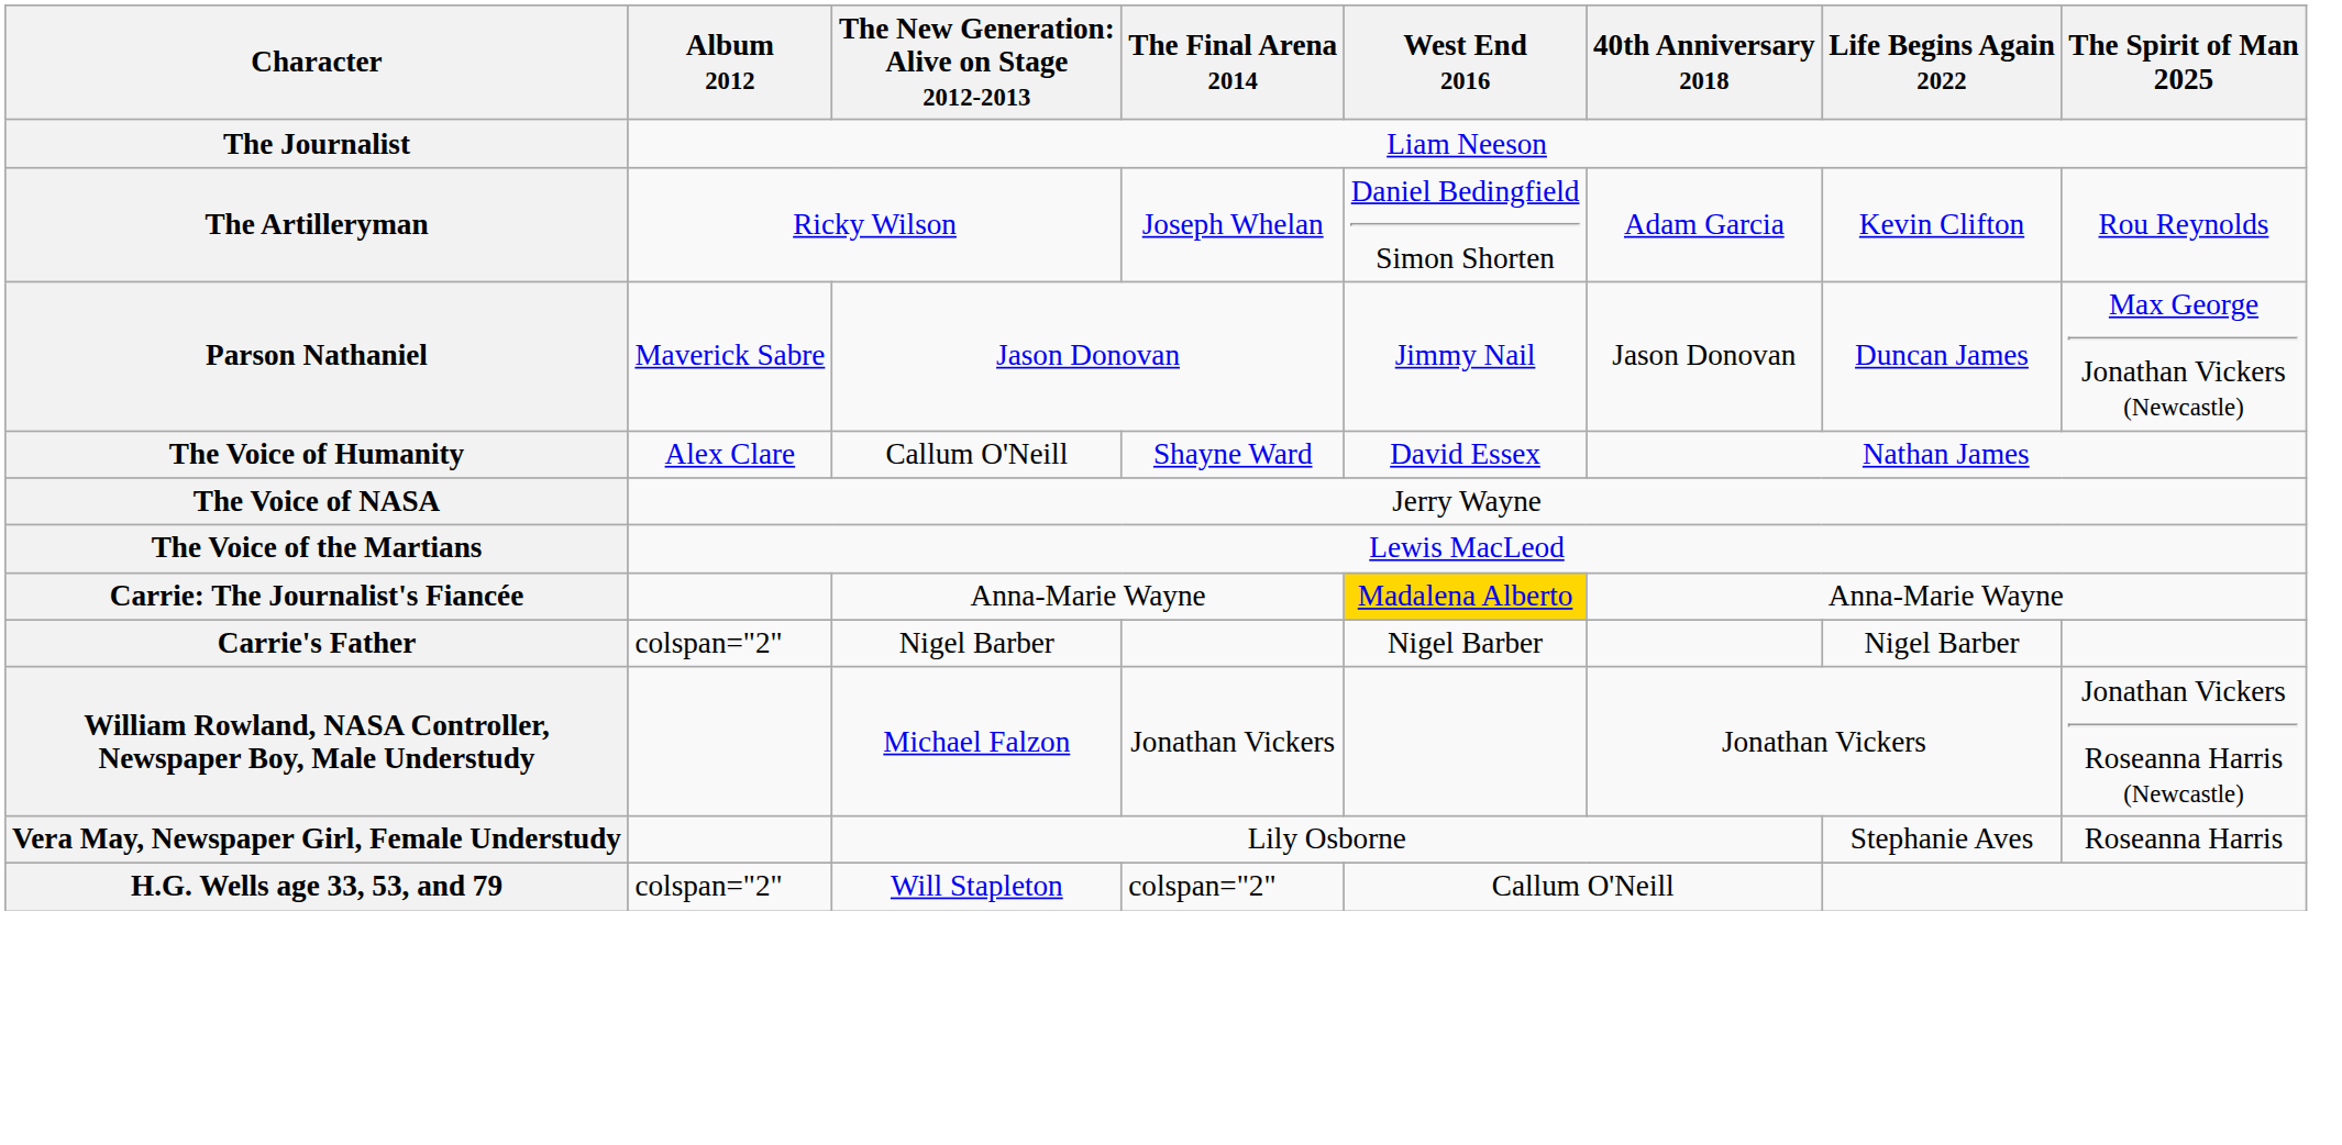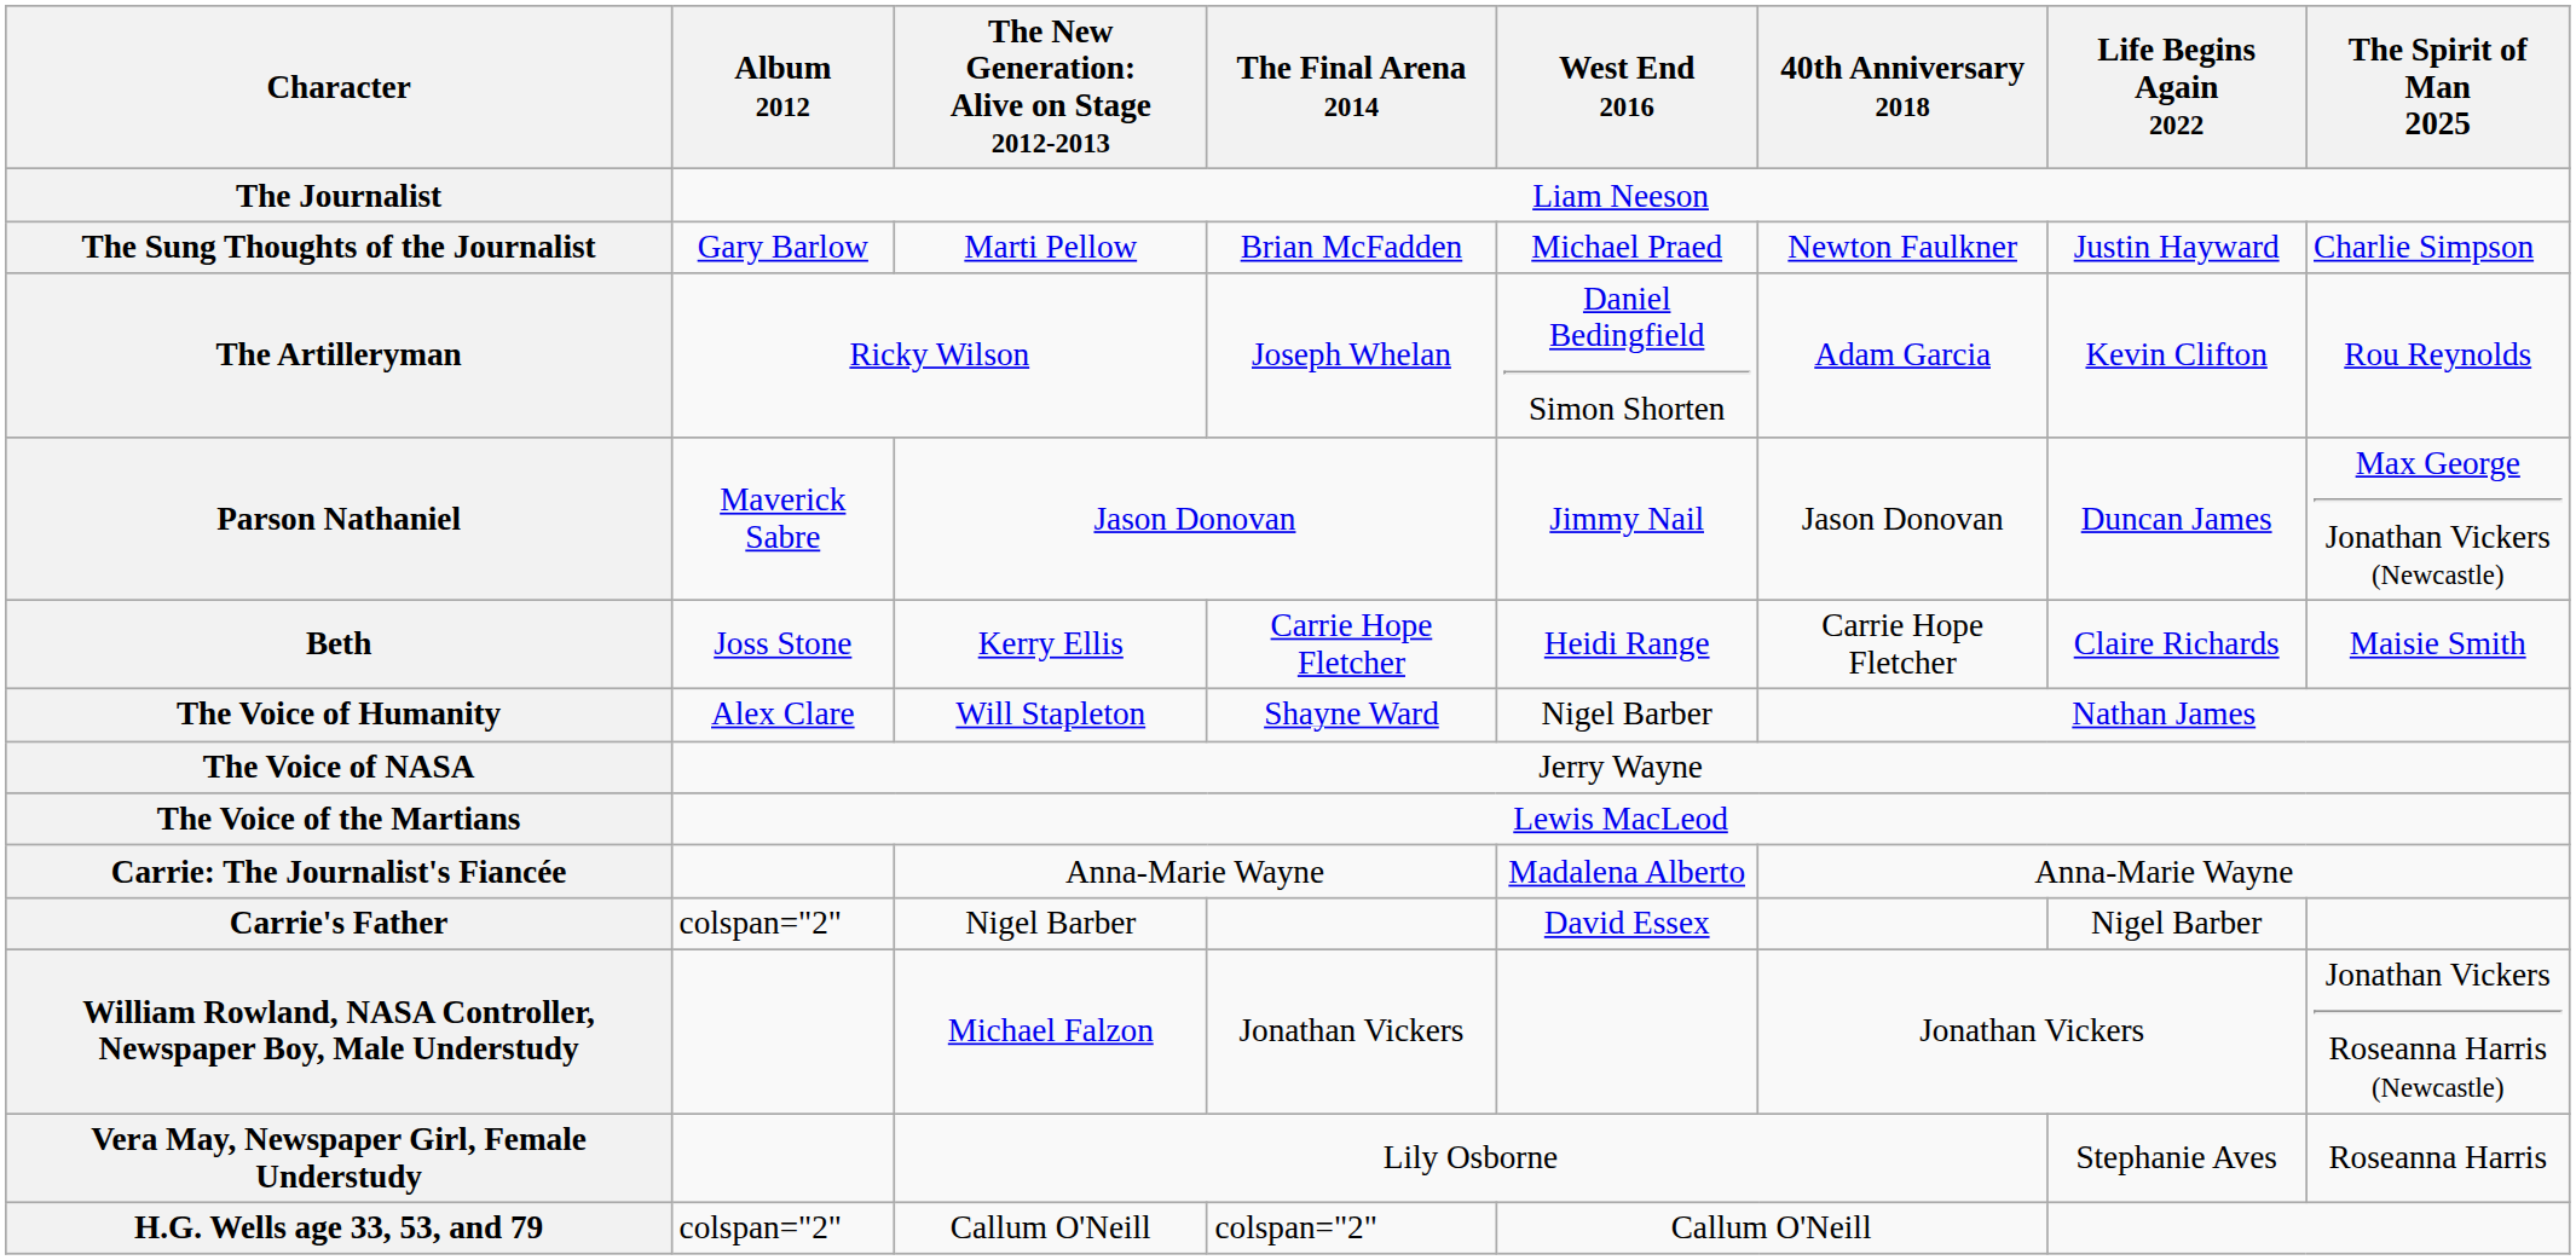 <table class="wikitable" style="width=10%">
 <tr>
 <th>Character</th>
 <th>Album<br><small>2012</small></th>
 <th>The New Generation:<br>Alive on Stage<br><small>2012-2013</small></th>
 <th>The Final Arena<br><small>2014</small></th>
 <th>West End<br><small>2016</small></th>
 <th>40th Anniversary<br><small>2018</small></th>
 <th>Life Begins Again<br><small>2022</small></th>
 <th>The Spirit of Man<br>2025</th>
 </tr>
 <tr>
 <th>The Journalist</th>
 <td colspan="7" style="text-align:center;"><a href='#'>Liam Neeson</a></td>
+</tr>
+<tr>
+<th>The Sung Thoughts of the Journalist</th>
+<td style="text-align:center;"><a href='#'>Gary Barlow</a></td>
+<td style="text-align:center;"><a href='#'>Marti Pellow</a></td>
+<td style="text-align:center;"><a href='#'>Brian McFadden</a></td>
+<td style="text-align:center;"><a href='#'>Michael Praed</a></td>
+<td style="text-align:center;"><a href='#'>Newton Faulkner</a></td>
+<td style="text-align:center;"><a href='#'>Justin Hayward</a></td>
+<td><a href='#'>Charlie Simpson</a></td>
 </tr>
 <tr>
 <th>The Artilleryman</th>
 <td colspan="2" style="text-align:center;"><a href='#'>Ricky Wilson</a></td>
 <td style="text-align:center;"><a href='#'>Joseph Whelan</a></td>
 <td style="text-align:center;"><a href='#'>Daniel Bedingfield</a><hr>Simon Shorten</td>
 <td style="text-align:center;"><a href='#'>Adam Garcia</a></td>
 <td style="text-align:center;"><a href='#'>Kevin Clifton</a></td>
 <td style="text-align:center;"><a href='#'>Rou Reynolds</a></td>
 </tr>
 <tr>
 <th>Parson Nathaniel</th>
 <td style="text-align:center;"><a href='#'>Maverick Sabre</a></td>
 <td colspan="2" style="text-align:center;"><a href='#'>Jason Donovan</a></td>
 <td style="text-align:center;"><a href='#'>Jimmy Nail</a></td>
 <td style="text-align:center;">Jason Donovan</td>
 <td style="text-align:center;"><a href='#'>Duncan James</a></td>
 <td style="text-align:center;"><a href='#'>Max George</a><hr>Jonathan Vickers<br><small>(Newcastle)</small></td>
 </tr>
 <tr>
+<th>Beth</th>
+<td style="text-align:center;"><a href='#'>Joss Stone</a></td>
+<td style="text-align:center;"><a href='#'>Kerry Ellis</a></td>
+<td style="text-align:center;"><a href='#'>Carrie Hope Fletcher</a></td>
+<td style="text-align:center;"><a href='#'>Heidi Range</a></td>
+<td style="text-align:center;">Carrie Hope Fletcher</td>
+<td style="text-align:center;"><a href='#'>Claire Richards</a></td>
+<td style="text-align:center;"><a href='#'>Maisie Smith</a></td>
+</tr>
+<tr>
 <th>The Voice of Humanity</th>
 <td style="text-align:center;"><a href='#'>Alex Clare</a></td>
-<td style="text-align:center;">Callum O'Neill</td>
+<td style="text-align:center;"><a href='#'>Will Stapleton</a></td>
 <td style="text-align:center;"><a href='#'>Shayne Ward</a></td>
-<td style="text-align:center;"><a href='#'>David Essex</a></td>
+<td style="text-align:center;">Nigel Barber</td>
 <td colspan="3" style="text-align:center;"><a href='#'>Nathan James</a></td>
 </tr>
 <tr>
 <th>The Voice of NASA</th>
 <td colspan="7" style="text-align:center;">Jerry Wayne</td>
 </tr>
 <tr>
 <th>The Voice of the Martians</th>
 <td colspan="7" style="text-align:center;"><a href='#'>Lewis MacLeod</a></td>
 </tr>
 <tr>
 <th>Carrie: The Journalist's Fiancée</th>
 <td></td>
 <td colspan="2" style="text-align:center;">Anna-Marie Wayne</td>
-<td style="background: gold; text-align:center;"><a href='#'>Madalena Alberto</a></td>
+<td style="text-align:center;"><a href='#'>Madalena Alberto</a></td>
 <td colspan="3" style="text-align:center;">Anna-Marie Wayne</td>
 </tr>
 <tr>
 <th>Carrie's Father</th>
 <td>colspan="2" </td>
 <td style="text-align:center;">Nigel Barber</td>
 <td></td>
-<td style="text-align:center;">Nigel Barber</td>
+<td style="text-align:center;"><a href='#'>David Essex</a></td>
 <td></td>
 <td style="text-align:center;">Nigel Barber</td>
 </tr>
 <tr>
 <th>William Rowland, NASA Controller, <br>Newspaper Boy, Male Understudy</th>
 <td></td>
 <td style="text-align:center;"><a href='#'>Michael Falzon</a></td>
 <td style="text-align:center;">Jonathan Vickers</td>
 <td></td>
 <td colspan="2"style="text-align:center;">Jonathan Vickers</td>
 <td style="text-align:center;">Jonathan Vickers<hr>Roseanna Harris<br><small>(Newcastle)</small></td>
 </tr>
 <tr>
 <th>Vera May, Newspaper Girl, Female Understudy</th>
 <td></td>
 <td colspan="4" style="text-align:center;">Lily Osborne</td>
 <td style="text-align:center;">Stephanie Aves</td>
 <td style="text-align:center;">Roseanna Harris</td>
 </tr>
 <tr>
 <th>H.G. Wells age 33, 53, and 79</th>
 <td>colspan="2" </td>
-<td style="text-align:center;"><a href='#'>Will Stapleton</a></td>
+<td style="text-align:center;">Callum O'Neill</td>
 <td>colspan="2" </td>
 <td colspan="2" style="text-align:center;">Callum O'Neill</td>
 </tr>
 </table>
